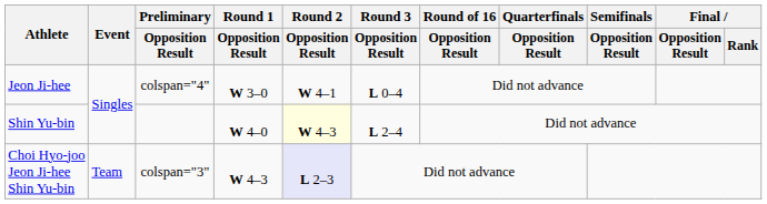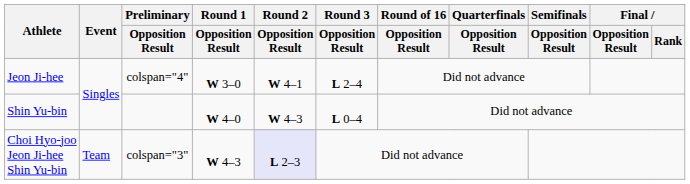 <table class="wikitable" style="font-size:90%; text-align:center">
 <tr>
 <th rowspan="2">Athlete</th>
 <th rowspan="2">Event</th>
 <th>Preliminary</th>
 <th>Round 1</th>
 <th>Round 2</th>
 <th>Round 3</th>
 <th>Round of 16</th>
 <th>Quarterfinals</th>
 <th>Semifinals</th>
 <th colspan="2">Final / </th>
 </tr>
 <tr style="font-size:95%">
 <th>Opposition<br>Result</th>
 <th>Opposition<br>Result</th>
 <th>Opposition<br>Result</th>
 <th>Opposition<br>Result</th>
 <th>Opposition<br>Result</th>
 <th>Opposition<br>Result</th>
 <th>Opposition<br>Result</th>
 <th>Opposition<br>Result</th>
 <th>Rank</th>
 </tr>
 <tr>
 <td style="text-align:left"><a href='#'>Jeon Ji-hee</a></td>
 <td rowspan="2" style="text-align:left"><a href='#'>Singles</a></td>
 <td>colspan="4" </td>
 <td><br><strong>W</strong> 3–0</td>
 <td><br> <strong>W</strong> 4–1</td>
-<td><br> <strong>L</strong> 0–4</td>
+<td><br> <strong>L</strong> 2–4</td>
 <td colspan="3">Did not advance</td>
 </tr>
 <tr>
 <td style="text-align:left"><a href='#'>Shin Yu-bin</a></td>
 <td></td>
 <td><br> <strong>W</strong> 4–0</td>
-<td style="background: lightyellow;"><br> <strong>W</strong> 4–3</td>
-<td><br> <strong>L</strong> 2–4</td>
+<td><br> <strong>W</strong> 4–3</td>
+<td><br> <strong>L</strong> 0–4</td>
 <td colspan="5">Did not advance</td>
 </tr>
 <tr>
 <td style="text-align:left"><a href='#'>Choi Hyo-joo</a><br><a href='#'>Jeon Ji-hee</a><br><a href='#'>Shin Yu-bin</a></td>
 <td style="text-align:left"><a href='#'>Team</a></td>
 <td>colspan="3" </td>
 <td><br> <strong>W</strong> 4–3</td>
 <td style="background: lavender;"><br><strong>L</strong> 2–3</td>
 <td colspan="3">Did not advance</td>
 </tr>
 </table>
